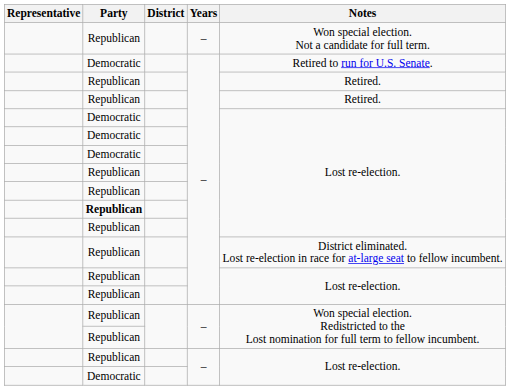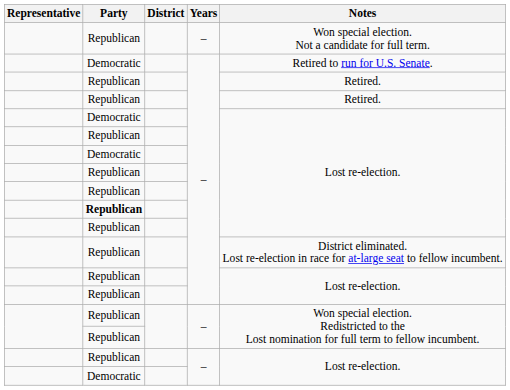 <table class="wikitable sortable" style="text-align:center">
 <tr valign=bottom>
 <th>Representative</th>
 <th>Party</th>
 <th>District</th>
 <th>Years</th>
 <th>Notes</th>
 </tr>
 <tr>
 <td align=left></td>
 <td>Republican</td>
 <td></td>
 <td nowrap> –<br></td>
 <td>Won special election.<br>Not a candidate for full term.</td>
 </tr>
 <tr>
 <td align=left></td>
 <td>Democratic</td>
 <td></td>
 <td rowspan="13" nowrap=""> –<br></td>
 <td>Retired to <a href='#'>run for U.S. Senate</a>.</td>
 </tr>
 <tr>
 <td align=left></td>
 <td>Republican</td>
 <td></td>
 <td>Retired.</td>
 </tr>
 <tr>
 <td align=left></td>
 <td>Republican</td>
 <td></td>
 <td>Retired.</td>
 </tr>
 <tr>
 <td align=left></td>
 <td>Democratic</td>
 <td></td>
 <td rowspan="7">Lost re-election.</td>
 </tr>
 <tr>
 <td align=left></td>
-<td>Democratic</td>
+<td>Republican</td>
 <td></td>
 </tr>
 <tr>
 <td align=left></td>
 <td>Democratic</td>
 <td></td>
 </tr>
 <tr>
 <td align=left></td>
 <td>Republican</td>
 <td></td>
 </tr>
 <tr>
 <td align=left></td>
 <td>Republican</td>
 <td></td>
 </tr>
 <tr>
 <td align=left></td>
 <td><strong>Republican</strong></td>
 <td></td>
 </tr>
 <tr>
 <td align=left></td>
 <td>Republican</td>
 <td></td>
 </tr>
 <tr>
 <td align=left></td>
 <td>Republican</td>
 <td></td>
 <td>District eliminated.<br>Lost re-election in race for <a href='#'>at-large seat</a> to fellow incumbent.</td>
 </tr>
 <tr>
 <td align=left></td>
 <td>Republican</td>
 <td></td>
 <td rowspan="2">Lost re-election.</td>
 </tr>
 <tr>
 <td align=left></td>
 <td>Republican</td>
 <td></td>
 </tr>
 <tr>
 <td align=left rowspan=2></td>
 <td>Republican</td>
 <td rowspan=2></td>
 <td rowspan=2> –<br></td>
 <td rowspan=2>Won special election.<br>Redistricted to the <br>Lost nomination for full term to fellow incumbent.</td>
 </tr>
 <tr>
 <td>Republican</td>
 </tr>
 <tr>
 <td align=left></td>
 <td>Republican</td>
 <td></td>
 <td rowspan="2" nowrap=""> –<br></td>
 <td rowspan="2">Lost re-election.</td>
 </tr>
 <tr>
 <td align=left></td>
 <td>Democratic</td>
 <td></td>
 </tr>
 </table>
